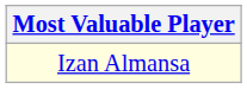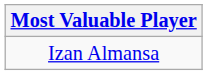 <table class=wikitable style="text-align:center; margin:auto">
 <tr>
 <th><a href='#'>Most Valuable Player</a></th>
 </tr>
 <tr>
-<td style="background: lightyellow;"> <a href='#'>Izan Almansa</a></td>
+<td> <a href='#'>Izan Almansa</a></td>
 </tr>
 </table>
